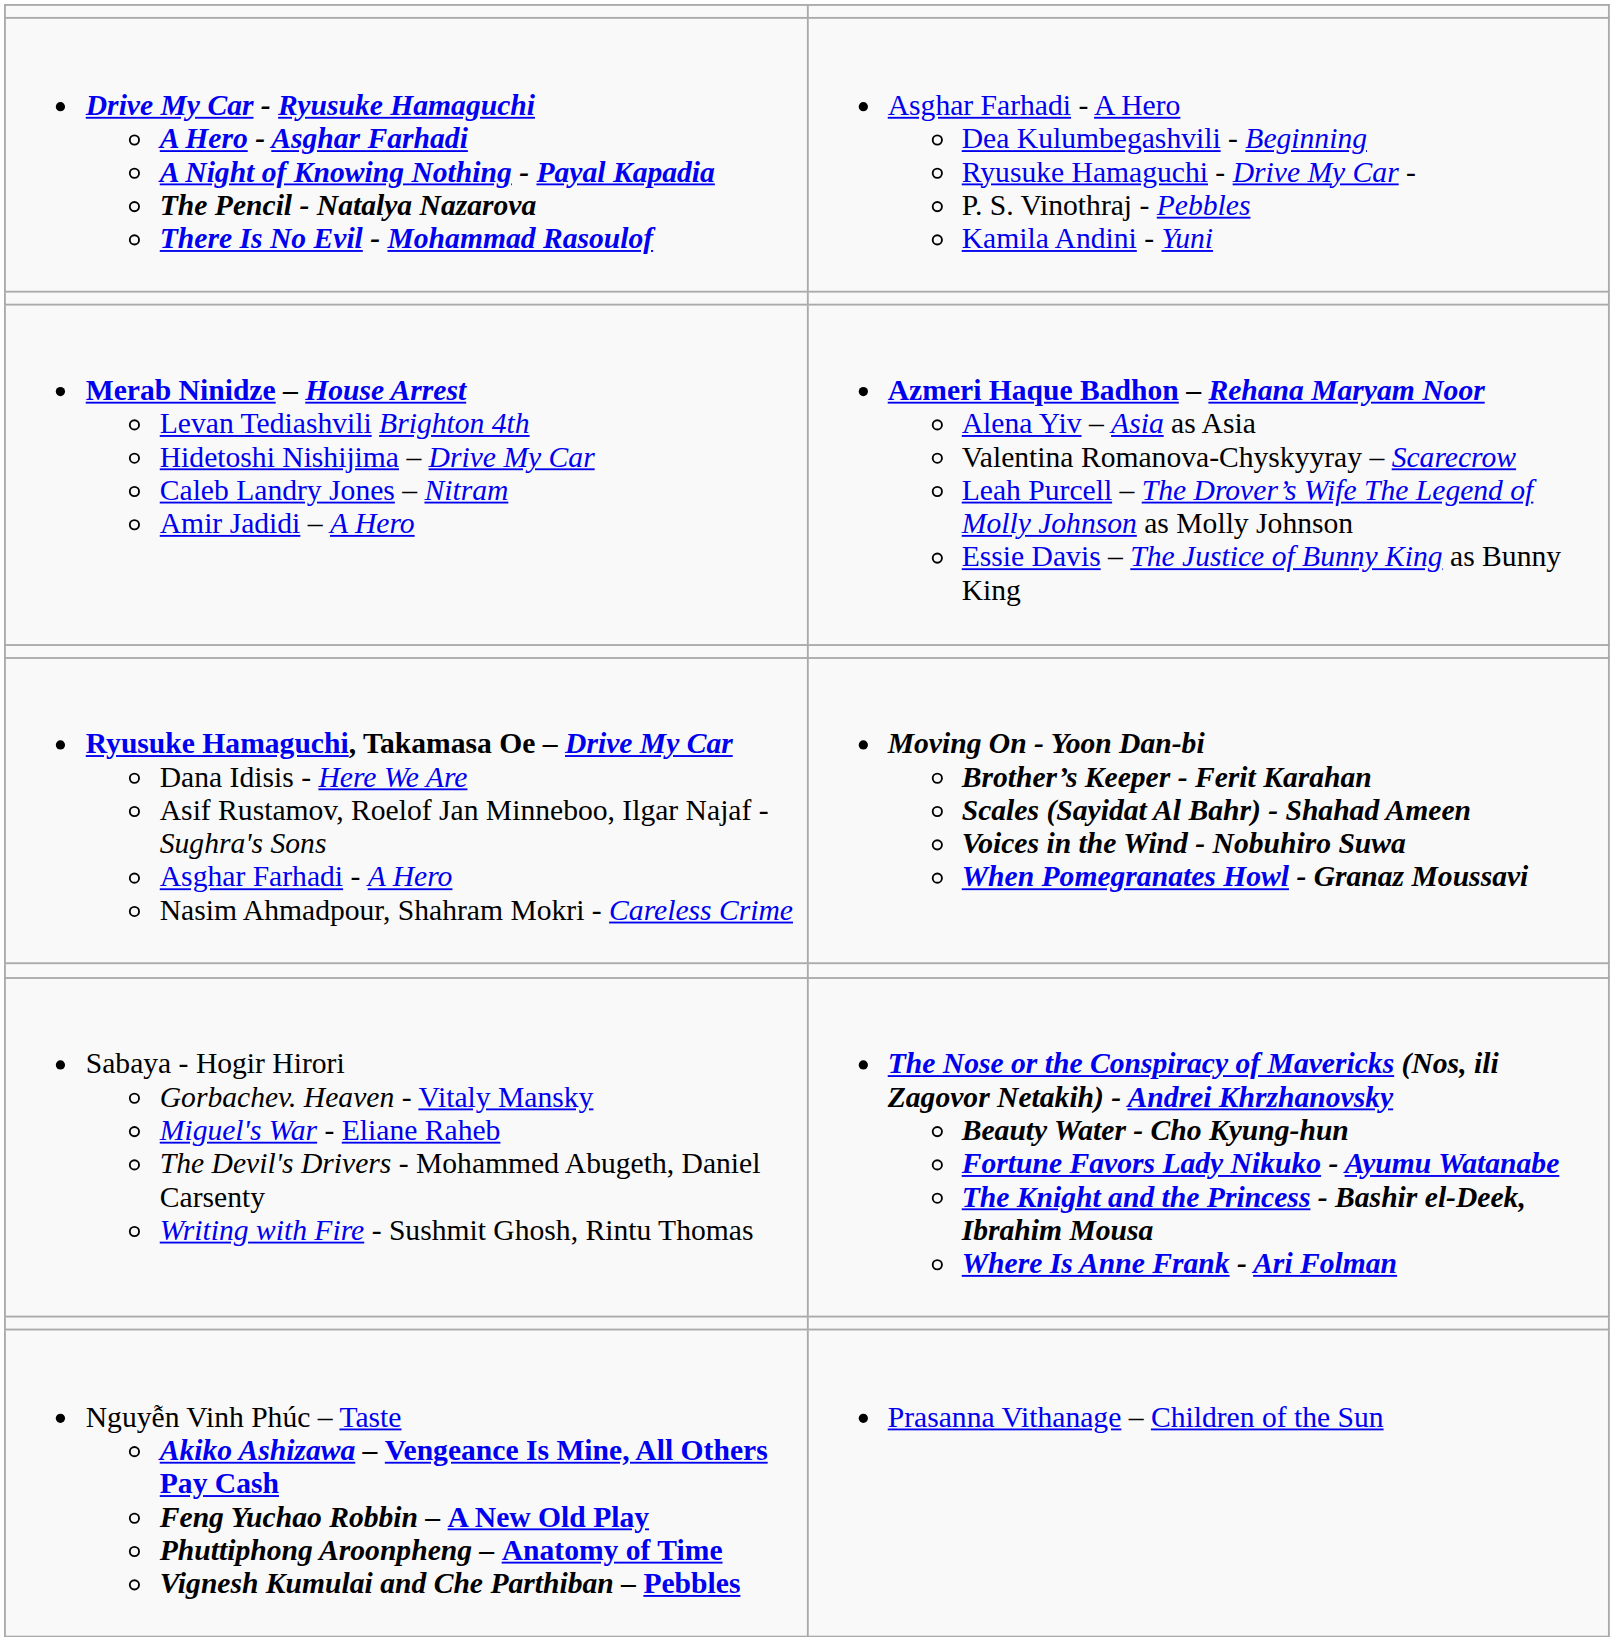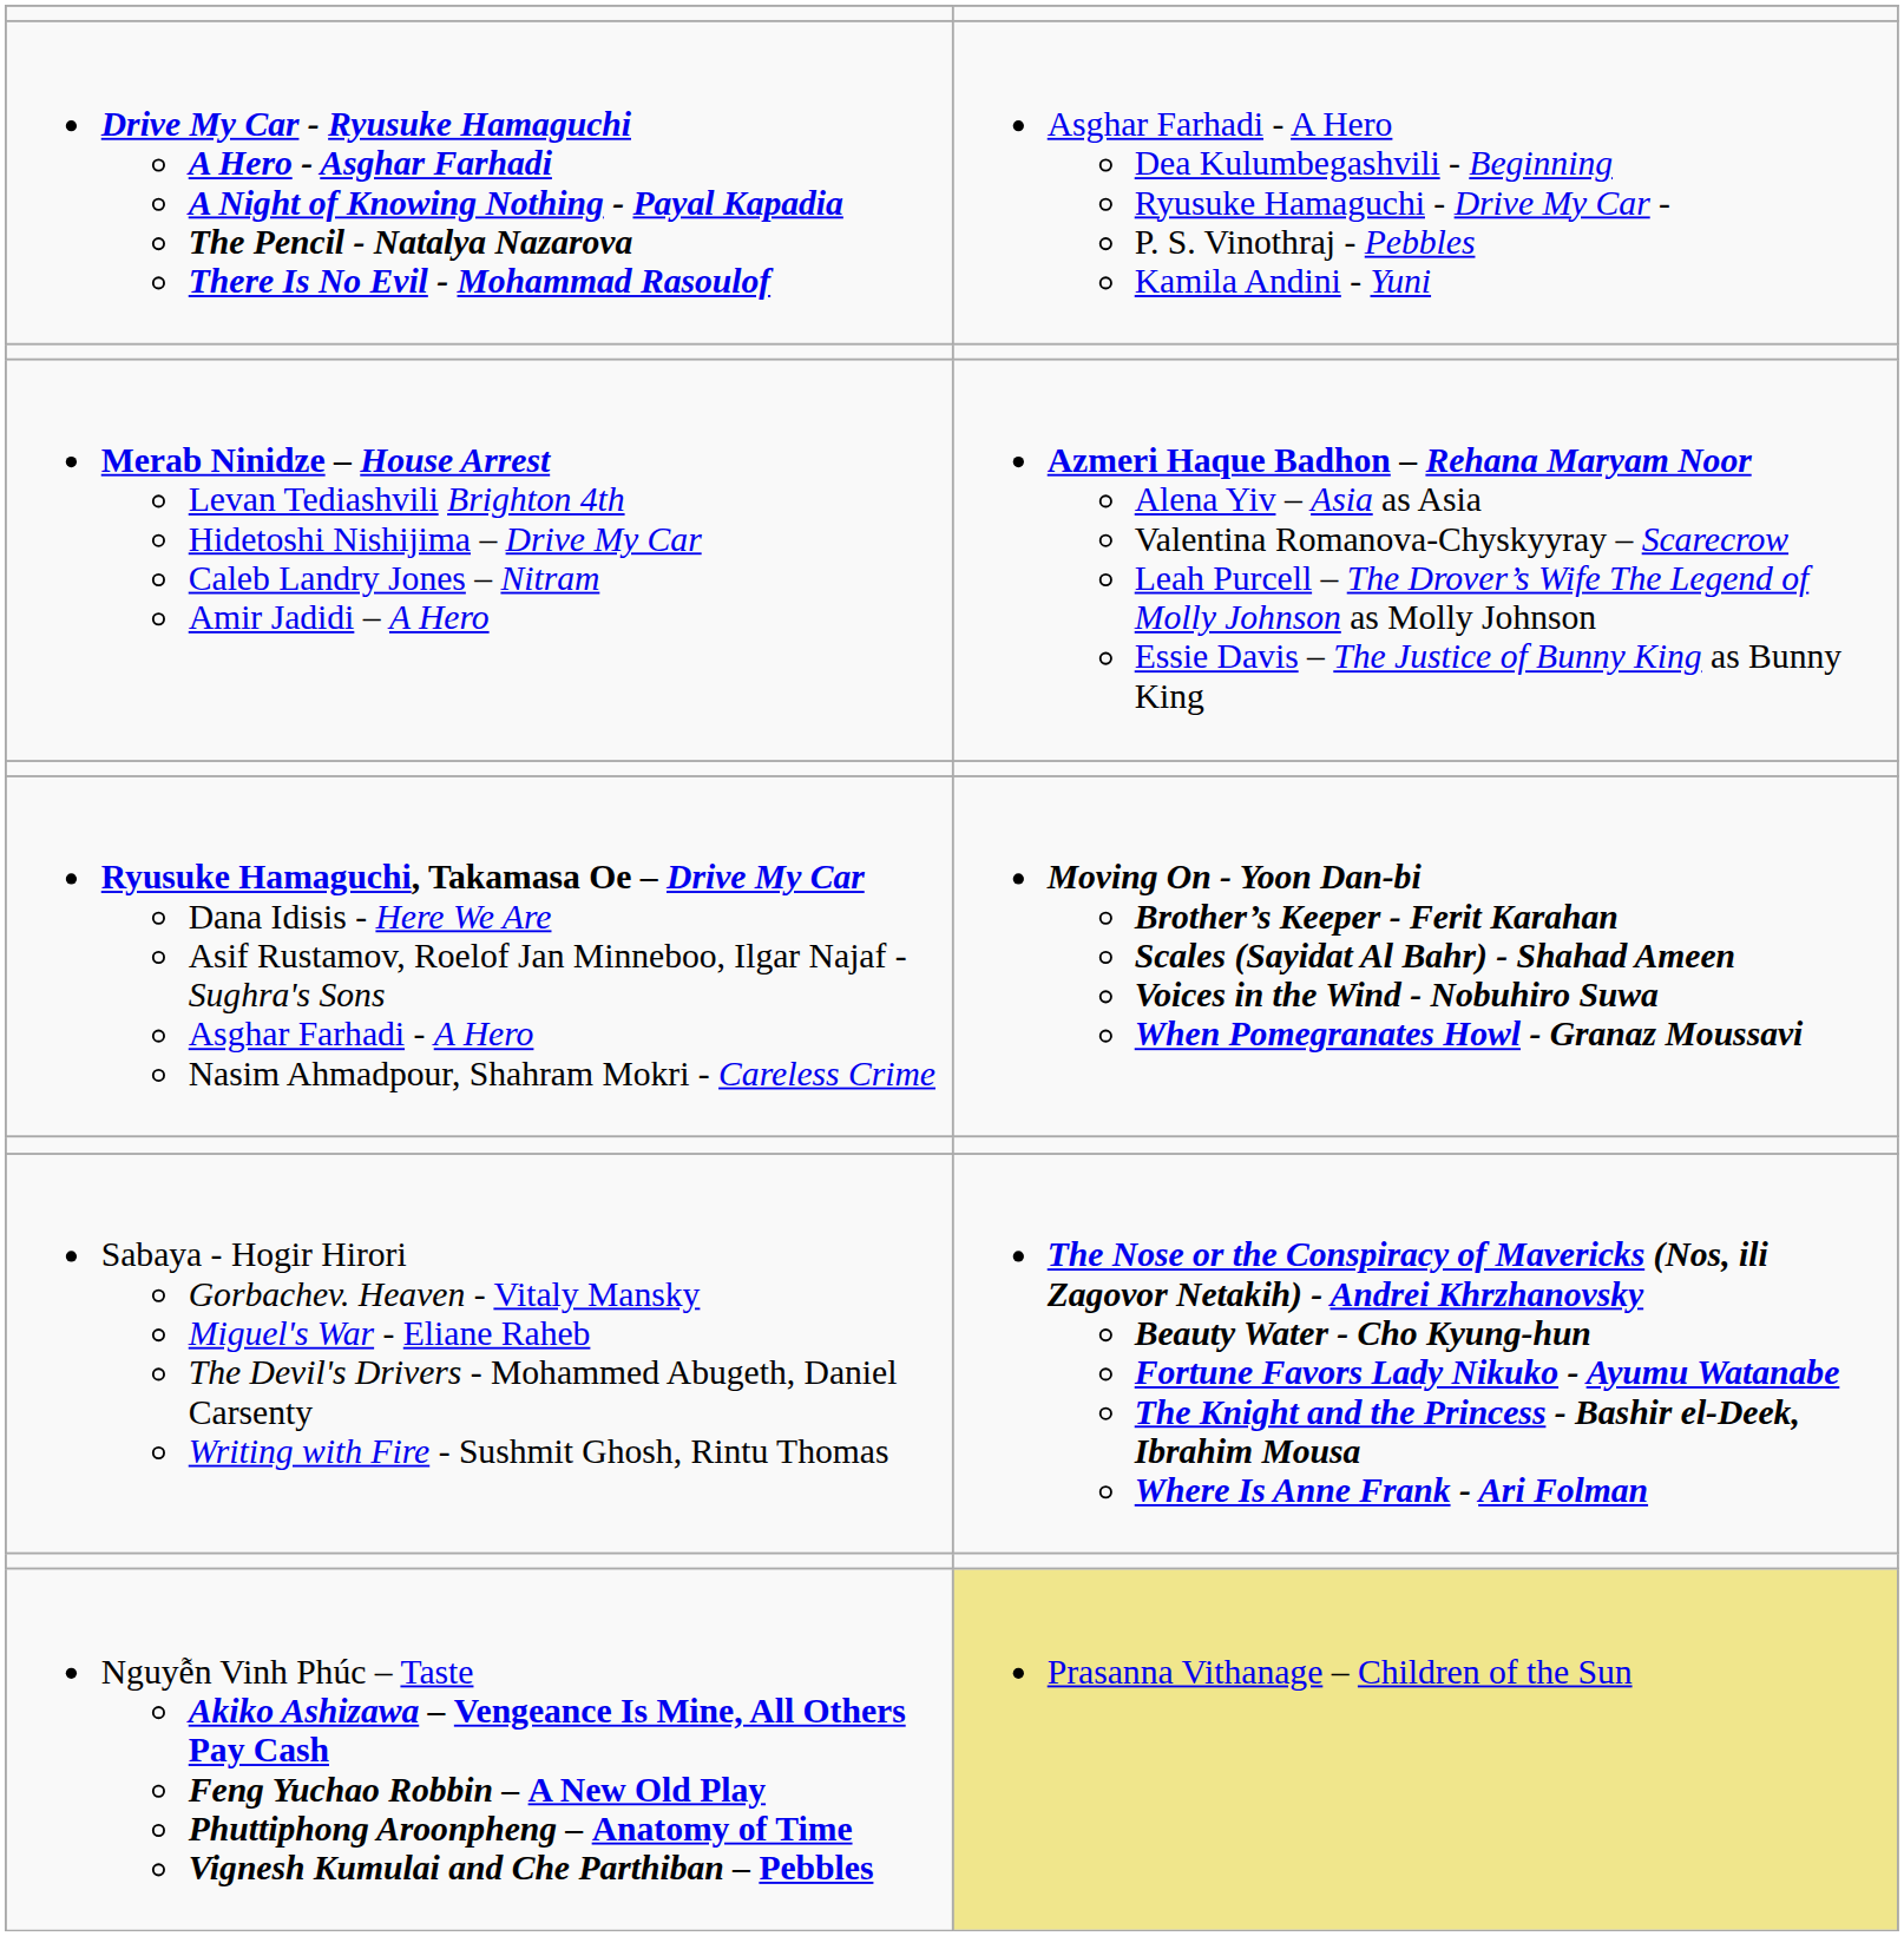 <table class="wikitable">
 <tr>
 <td style="vertical-align:top; width:50%;"></td>
 <td style="vertical-align:top; width:50%;"></td>
 </tr>
 <tr>
 <td valign="top"><br><ul><li><strong><em><a href='#'>Drive My Car</a><em> - <a href='#'>Ryusuke Hamaguchi</a> <strong><ul><li></em><a href='#'>A Hero</a><em> - <a href='#'>Asghar Farhadi</a>  </li><li></em><a href='#'>A Night of Knowing Nothing</a><em> - <a href='#'>Payal Kapadia</a>  </li><li></em>The Pencil<em> - Natalya Nazarova </li><li></em><a href='#'>There Is No Evil</a><em> - <a href='#'>Mohammad Rasoulof</a> </li></ul></li></ul></td>
 <td valign="top"><br><ul><li></strong><a href='#'>Asghar Farhadi</a> - </em><a href='#'>A Hero</a></em></strong>  <ul><li><a href='#'>Dea Kulumbegashvili</a> - <em><a href='#'>Beginning</a></em>  </li><li><a href='#'>Ryusuke Hamaguchi</a> - <em><a href='#'>Drive My Car</a></em> - </li><li>P. S. Vinothraj - <em><a href='#'>Pebbles</a></em> </li><li><a href='#'>Kamila Andini</a> - <em><a href='#'>Yuni</a></em> </li></ul></li></ul></td>
 </tr>
 <tr>
 <td style="vertical-align:top; width:50%;"></td>
 <td style="vertical-align:top; width:50%;"></td>
 </tr>
 <tr>
 <td valign="top"><br><ul><li><strong><a href='#'>Merab Ninidze</a> – <em><a href='#'>House Arrest</a></em> </strong><ul><li><a href='#'>Levan Tediashvili</a> <em><a href='#'>Brighton 4th</a></em> </li><li><a href='#'>Hidetoshi Nishijima</a> – <em><a href='#'>Drive My Car</a></em> </li><li><a href='#'>Caleb Landry Jones</a> – <em><a href='#'>Nitram</a></em>  </li><li><a href='#'>Amir Jadidi</a> – <em><a href='#'>A Hero</a></em>  </li></ul></li></ul></td>
 <td valign="top"><br><ul><li><strong><a href='#'>Azmeri Haque Badhon</a> – <em><a href='#'>Rehana Maryam Noor</a></em>  </strong><ul><li><a href='#'>Alena Yiv</a> – <em><a href='#'>Asia</a></em> as Asia </li><li>Valentina Romanova-Chyskyyray – <em><a href='#'>Scarecrow</a></em> </li><li><a href='#'>Leah Purcell</a> – <em><a href='#'>The Drover’s Wife The Legend of Molly Johnson</a></em> as Molly Johnson </li><li><a href='#'>Essie Davis</a>  – <em><a href='#'>The Justice of Bunny King</a></em> as Bunny King </li></ul></li></ul></td>
 </tr>
 <tr>
 <td style="vertical-align:top; width:50%;"></td>
 <td style="vertical-align:top; width:50%;"></td>
 </tr>
 <tr>
 <td valign="top"><br><ul><li><strong><a href='#'>Ryusuke Hamaguchi</a>, Takamasa Oe – <em><a href='#'>Drive My Car</a></em> </strong><ul><li>Dana Idisis - <em><a href='#'>Here We Are</a></em>  </li><li>Asif Rustamov, Roelof Jan Minneboo, Ilgar Najaf - <em>Sughra's Sons</em>   </li><li><a href='#'>Asghar Farhadi</a> - <em><a href='#'>A Hero</a></em>  </li><li>Nasim Ahmadpour, Shahram Mokri - <em><a href='#'>Careless Crime</a></em> </li></ul></li></ul></td>
 <td valign="top"><br><ul><li><strong><em>Moving On<em> - Yoon Dan-bi <strong><ul><li></em>Brother’s Keeper<em> - Ferit Karahan </li><li></em>Scales<em> (Sayidat Al Bahr) - Shahad Ameen   </li><li></em>Voices in the Wind<em> - Nobuhiro Suwa </li><li></em><a href='#'>When Pomegranates Howl</a><em> - Granaz Moussavi  </li></ul></li></ul></td>
 </tr>
 <tr>
 <td style="vertical-align:top; width:50%;"></td>
 <td style="vertical-align:top; width:50%;"></td>
 </tr>
 <tr>
 <td valign="top"><br><ul><li></em></strong>Sabaya</em> - Hogir Hirori </strong><ul><li><em>Gorbachev. Heaven</em> - <a href='#'>Vitaly Mansky</a>  </li><li><em><a href='#'>Miguel's War</a></em> - <a href='#'>Eliane Raheb</a>   </li><li><em>The Devil's Drivers</em> - Mohammed Abugeth, Daniel Carsenty    </li><li><em><a href='#'>Writing with Fire</a></em> - Sushmit Ghosh, Rintu Thomas </li></ul></li></ul></td>
 <td valign="top"><br><ul><li><strong><em><a href='#'>The Nose or the Conspiracy of Mavericks</a> (Nos, ili Zagovor Netakih)<em> - <a href='#'>Andrei Khrzhanovsky</a> <strong><ul><li></em>Beauty Water<em> - Cho Kyung-hun </li><li></em><a href='#'>Fortune Favors Lady Nikuko</a><em> - <a href='#'>Ayumu Watanabe</a> </li><li></em><a href='#'>The Knight and the Princess</a><em> - Bashir el-Deek, Ibrahim Mousa  </li><li></em><a href='#'>Where Is Anne Frank</a><em> - <a href='#'>Ari Folman</a> </li></ul></li></ul></td>
 </tr>
 <tr>
 <td style="vertical-align:top; width:50%;"></td>
 <td style="vertical-align:top; width:50%;"></td>
 </tr>
 <tr>
 <td valign="top"><br><ul><li></strong>Nguyễn Vinh Phúc – </em><a href='#'>Taste</a><em>    <strong><ul><li><a href='#'>Akiko Ashizawa</a> – </em><a href='#'>Vengeance Is Mine, All Others Pay Cash</a><em>   </li><li>Feng Yuchao Robbin – </em><a href='#'>A New Old Play</a><em>  </li><li>Phuttiphong Aroonpheng – </em><a href='#'>Anatomy of Time</a><em>    </li><li>Vignesh Kumulai and Che Parthiban – </em><a href='#'>Pebbles</a><em> </li></ul></li></ul></td>
-<td valign="top"><br><ul><li></strong><a href='#'>Prasanna Vithanage</a> – </em><a href='#'>Children of the Sun</a><em> <strong></li></ul></td>
+<td valign="top" style="background: khaki;"><br><ul><li></strong><a href='#'>Prasanna Vithanage</a> – </em><a href='#'>Children of the Sun</a><em> <strong></li></ul></td>
 </tr>
 </table>
